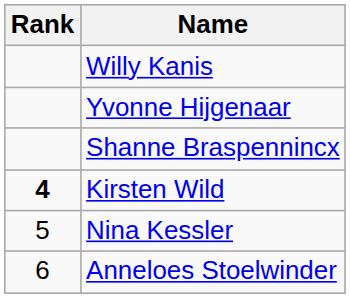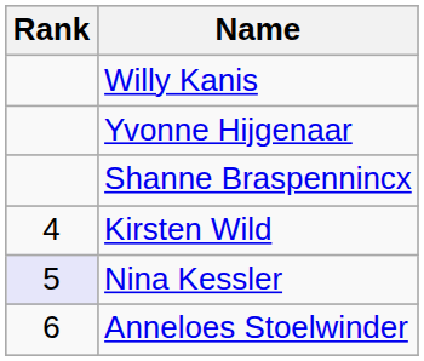 <table class="wikitable sortable" style="text-align:center">
 <tr>
 <th>Rank</th>
 <th>Name</th>
 </tr>
 <tr>
 <td></td>
 <td align=left><a href='#'>Willy Kanis</a></td>
 </tr>
 <tr>
 <td></td>
 <td align=left><a href='#'>Yvonne Hijgenaar</a></td>
 </tr>
 <tr>
 <td></td>
 <td align=left><a href='#'>Shanne Braspennincx</a></td>
 </tr>
 <tr>
-<td><strong>4</strong></td>
+<td>4</td>
 <td align=left><a href='#'>Kirsten Wild</a></td>
 </tr>
 <tr>
-<td>5</td>
+<td style="background: lavender;">5</td>
 <td align=left><a href='#'>Nina Kessler</a></td>
 </tr>
 <tr>
 <td>6</td>
 <td align=left><a href='#'>Anneloes Stoelwinder</a></td>
 </tr>
 </table>
